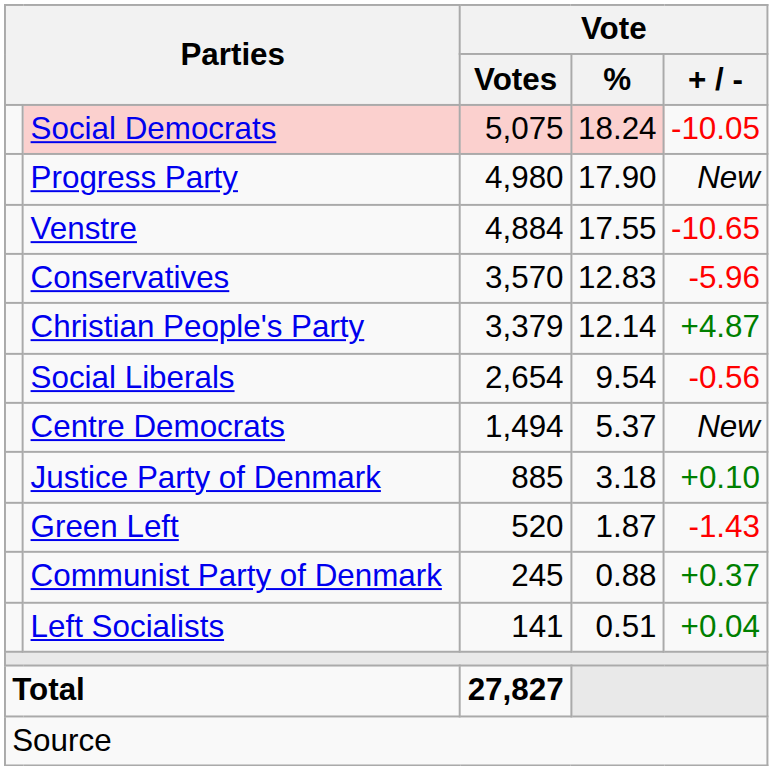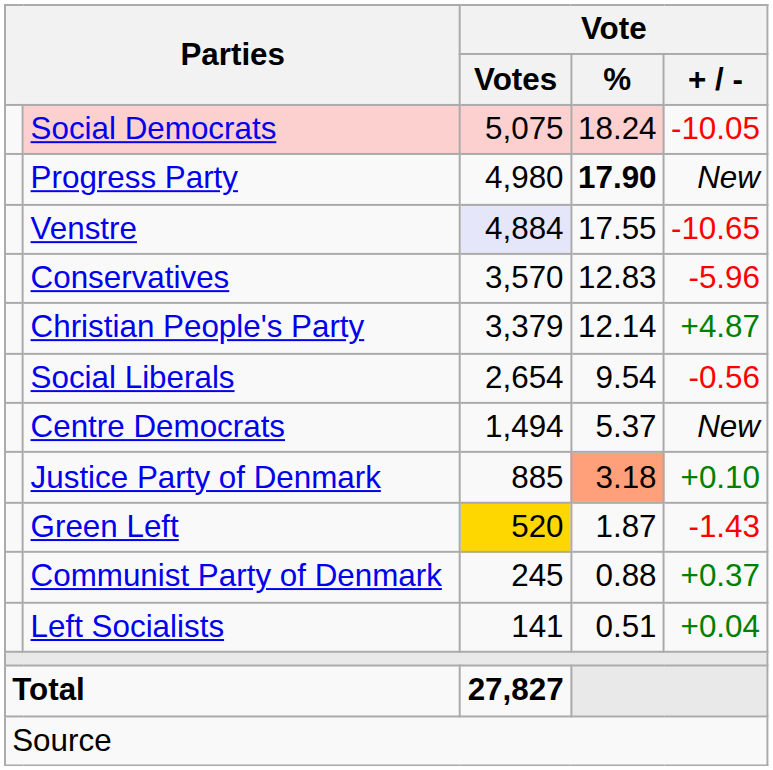 <table class="wikitable" style="text-align:right;">
 <tr>
 <th style="text-align:centre;" rowspan="2" colspan="2" width="225">Parties</th>
 <th colspan="3">Vote</th>
 </tr>
 <tr>
 <th width="15">Votes</th>
 <th width="15">%</th>
 <th width="15">+ / -</th>
 </tr>
 <tr>
 <td width="2" style="color:inherit;background:"></td>
 <td bgcolor=#fbd0ce  align="left"><a href='#'>Social Democrats</a></td>
 <td bgcolor=#fbd0ce>5,075</td>
 <td bgcolor=#fbd0ce>18.24</td>
 <td style=color:red;>-10.05</td>
 </tr>
 <tr>
 <td width="2" style="color:inherit;background:"></td>
 <td align="left"><a href='#'>Progress Party</a></td>
 <td>4,980</td>
-<td>17.90</td>
+<td><strong>17.90</strong></td>
 <td><em>New</em></td>
 </tr>
 <tr>
 <td width="2" style="color:inherit;background:"></td>
 <td align="left"><a href='#'>Venstre</a></td>
-<td>4,884</td>
+<td style="background: lavender;">4,884</td>
 <td>17.55</td>
 <td style=color:red;>-10.65</td>
 </tr>
 <tr>
 <td width="2" style="color:inherit;background:"></td>
 <td align="left"><a href='#'>Conservatives</a></td>
 <td>3,570</td>
 <td>12.83</td>
 <td style=color:red;>-5.96</td>
 </tr>
 <tr>
 <td width="2" style="color:inherit;background:"></td>
 <td align="left"><a href='#'>Christian People's Party</a></td>
 <td>3,379</td>
 <td>12.14</td>
 <td style=color:green;>+4.87</td>
 </tr>
 <tr>
 <td width="2" style="color:inherit;background:"></td>
 <td align="left"><a href='#'>Social Liberals</a></td>
 <td>2,654</td>
 <td>9.54</td>
 <td style=color:red;>-0.56</td>
 </tr>
 <tr>
 <td width="2" style="color:inherit;background:"></td>
 <td align="left"><a href='#'>Centre Democrats</a></td>
 <td>1,494</td>
 <td>5.37</td>
 <td><em>New</em></td>
 </tr>
 <tr>
 <td width="2" style="color:inherit;background:"></td>
 <td align="left"><a href='#'>Justice Party of Denmark</a></td>
 <td>885</td>
-<td>3.18</td>
+<td style="background: lightsalmon;">3.18</td>
 <td style=color:green;>+0.10</td>
 </tr>
 <tr>
 <td width="2" style="color:inherit;background:"></td>
 <td align="left"><a href='#'>Green Left</a></td>
-<td>520</td>
+<td style="background: gold;">520</td>
 <td>1.87</td>
 <td style=color:red;>-1.43</td>
 </tr>
 <tr>
 <td width="2" style="color:inherit;background:"></td>
 <td align="left"><a href='#'>Communist Party of Denmark</a></td>
 <td>245</td>
 <td>0.88</td>
 <td style=color:green;>+0.37</td>
 </tr>
 <tr>
 <td width="2" style="color:inherit;background:"></td>
 <td align="left"><a href='#'>Left Socialists</a></td>
 <td>141</td>
 <td>0.51</td>
 <td style=color:green;>+0.04</td>
 </tr>
 <tr>
 <td colspan="7" bgcolor="#E9E9E9"></td>
 </tr>
 <tr>
 <td align="left" colspan="2"><strong>Total</strong></td>
 <td><strong>27,827</strong></td>
 <td bgcolor="#E9E9E9" colspan="2"></td>
 </tr>
 <tr>
 <td align="left" colspan="6">Source</td>
 </tr>
 </table>
